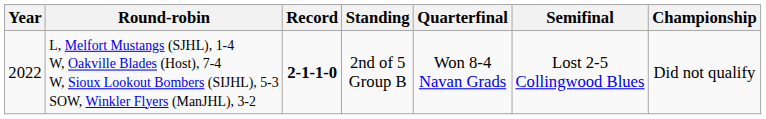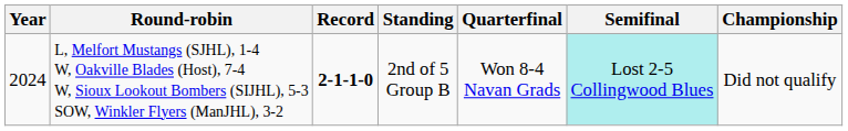 <table class="wikitable" style="text-align:center;">
 <tr>
 <th>Year</th>
 <th>Round-robin</th>
 <th>Record</th>
 <th>Standing</th>
 <th>Quarterfinal</th>
 <th>Semifinal</th>
 <th>Championship</th>
 </tr>
 <tr>
-<td>2022</td>
+<td>2024</td>
 <td align=left><small>L, <a href='#'>Melfort Mustangs</a> (SJHL), 1-4<br>W, <a href='#'>Oakville Blades</a> (Host), 7-4<br>W, <a href='#'>Sioux Lookout Bombers</a> (SIJHL), 5-3<br>SOW, <a href='#'>Winkler Flyers</a> (ManJHL), 3-2</small></td>
 <td><strong>2-1-1-0</strong></td>
 <td>2nd of 5 <br>Group B</td>
 <td>Won   8-4<br><a href='#'>Navan Grads</a></td>
-<td>Lost  2-5<br><a href='#'>Collingwood Blues</a></td>
+<td style="background: paleturquoise;">Lost  2-5<br><a href='#'>Collingwood Blues</a></td>
 <td>Did not qualify</td>
 </tr>
 </table>
